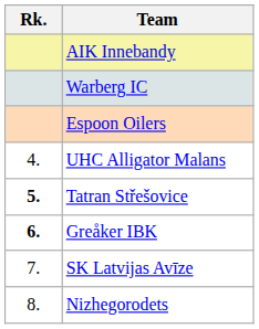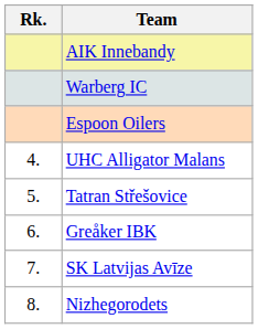 <table class="wikitable" style="border:1px solid #AAAAAA;font-size:90%">
 <tr bgcolor="#E4E4E4">
 <th style="border-bottom:1px solid #AAAAAA" width=40>Rk.</th>
 <th style="border-bottom:1px solid #AAAAAA" width=150>Team</th>
 </tr>
 <tr bgcolor="#F7F6A8">
 <td align="center" style="height:23px"></td>
 <td> <a href='#'>AIK Innebandy</a></td>
 </tr>
 <tr bgcolor="#DCE5E5">
 <td align="center" style="height:23px"></td>
 <td> <a href='#'>Warberg IC</a></td>
 </tr>
 <tr bgcolor="#FFDAB9">
 <td align="center" style="height:23px"></td>
 <td> <a href='#'>Espoon Oilers</a></td>
 </tr>
 <tr bgcolor="#ffffff">
 <td align="center" style="height:23px">4.</td>
 <td> <a href='#'>UHC Alligator Malans</a></td>
 </tr>
 <tr bgcolor="#ffffff">
-<td align="center" style="height:23px"><strong>5.</strong></td>
+<td align="center" style="height:23px">5.</td>
 <td> <a href='#'>Tatran Střešovice</a></td>
 </tr>
 <tr bgcolor="#ffffff">
-<td align="center" style="height:23px"><strong>6.</strong></td>
+<td align="center" style="height:23px">6.</td>
 <td> <a href='#'>Greåker IBK</a></td>
 </tr>
 <tr bgcolor="#ffffff">
 <td align="center" style="height:23px">7.</td>
 <td> <a href='#'>SK Latvijas Avīze</a></td>
 </tr>
 <tr bgcolor="#ffffff">
 <td align="center" style="height:23px">8.</td>
 <td> <a href='#'>Nizhegorodets</a></td>
 </tr>
 </table>
